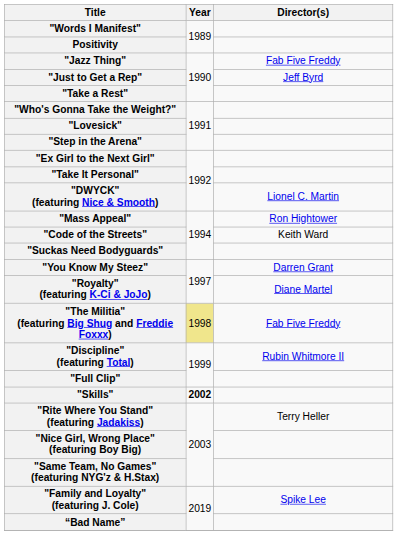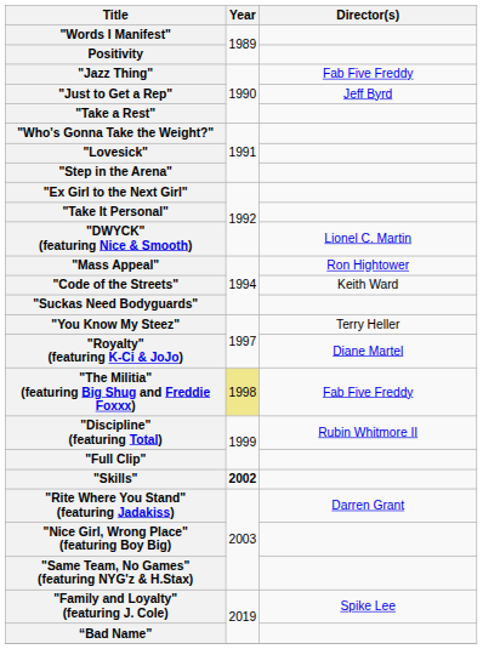 <table class="wikitable plainrowheaders" style="text-align:center;">
 <tr>
 <th scope="col" style="width:20em;">Title</th>
 <th scope="col">Year</th>
 <th scope="col" style="width:20em;">Director(s)</th>
 </tr>
 <tr>
 <th scope="row">"Words I Manifest"</th>
 <td rowspan="2">1989</td>
 <td></td>
 </tr>
 <tr>
 <th scope="row">Positivity</th>
 <td></td>
 </tr>
 <tr>
 <th scope="row">"Jazz Thing"</th>
 <td rowspan="3">1990</td>
 <td><a href='#'>Fab Five Freddy</a></td>
 </tr>
 <tr>
 <th scope="row">"Just to Get a Rep"</th>
 <td><a href='#'>Jeff Byrd</a></td>
 </tr>
 <tr>
 <th scope="row">"Take a Rest"</th>
 <td></td>
 </tr>
 <tr>
 <th scope="row">"Who's Gonna Take the Weight?"</th>
 <td rowspan="3">1991</td>
 <td></td>
 </tr>
 <tr>
 <th scope="row">"Lovesick"</th>
 <td></td>
 </tr>
 <tr>
 <th scope="row">"Step in the Arena"</th>
 <td></td>
 </tr>
 <tr>
 <th scope="row">"Ex Girl to the Next Girl"</th>
 <td rowspan="3">1992</td>
 <td></td>
 </tr>
 <tr>
 <th scope="row">"Take It Personal"</th>
 <td></td>
 </tr>
 <tr>
 <th scope="row">"DWYCK"<br><span>(featuring <a href='#'>Nice & Smooth</a>)</span></th>
 <td><a href='#'>Lionel C. Martin</a></td>
 </tr>
 <tr>
 <th scope="row">"Mass Appeal"</th>
 <td rowspan="3">1994</td>
 <td><a href='#'>Ron Hightower</a></td>
 </tr>
 <tr>
 <th scope="row">"Code of the Streets"</th>
 <td>Keith Ward</td>
 </tr>
 <tr>
 <th scope="row">"Suckas Need Bodyguards"</th>
 <td></td>
 </tr>
 <tr>
 <th scope="row">"You Know My Steez"</th>
 <td rowspan="2">1997</td>
-<td><a href='#'>Darren Grant</a></td>
+<td>Terry Heller</td>
 </tr>
 <tr>
 <th scope="row">"Royalty"<br><span>(featuring <a href='#'>K-Ci & JoJo</a>)</span></th>
 <td><a href='#'>Diane Martel</a></td>
 </tr>
 <tr>
 <th scope="row">"The Militia"<br><span>(featuring <a href='#'>Big Shug</a> and <a href='#'>Freddie Foxxx</a>)</span></th>
 <td style="background: khaki;">1998</td>
 <td><a href='#'>Fab Five Freddy</a></td>
 </tr>
 <tr>
 <th scope="row">"Discipline"<br><span>(featuring <a href='#'>Total</a>)</span></th>
 <td rowspan="2">1999</td>
 <td><a href='#'>Rubin Whitmore II</a></td>
 </tr>
 <tr>
 <th scope="row">"Full Clip"</th>
 <td></td>
 </tr>
 <tr>
 <th scope="row">"Skills"</th>
 <td><strong>2002</strong></td>
 <td></td>
 </tr>
 <tr>
 <th scope="row">"Rite Where You Stand"<br><span>(featuring <a href='#'>Jadakiss</a>)</span></th>
 <td rowspan="3">2003</td>
-<td>Terry Heller</td>
+<td><a href='#'>Darren Grant</a></td>
 </tr>
 <tr>
 <th scope="row">"Nice Girl, Wrong Place"<br><span>(featuring Boy Big)</span></th>
 <td></td>
 </tr>
 <tr>
 <th scope="row">"Same Team, No Games"<br><span>(featuring NYG'z & H.Stax)</span></th>
 <td></td>
 </tr>
 <tr>
 <th scope="row">"Family and Loyalty"<br><span>(featuring J. Cole)</span></th>
 <td rowspan="2">2019</td>
 <td><a href='#'>Spike Lee</a></td>
 </tr>
 <tr>
 <th scope="row">“Bad Name”</th>
 <td></td>
 </tr>
 <tr>
 </tr>
 </table>
